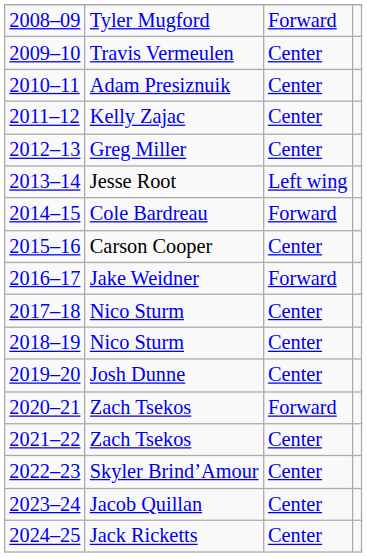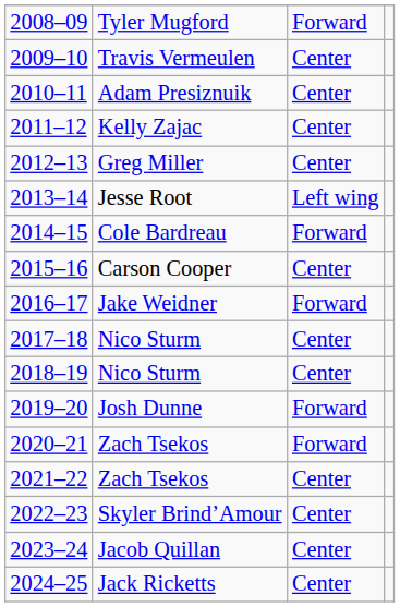 <table class="wikitable sortable">
 <tr>
 </tr>
 <tr>
 <td><a href='#'>2008–09</a></td>
 <td><a href='#'>Tyler Mugford</a></td>
 <td><a href='#'>Forward</a></td>
 <td><strong><a href='#'></a></strong></td>
 </tr>
 <tr>
 <td><a href='#'>2009–10</a></td>
 <td><a href='#'>Travis Vermeulen</a></td>
 <td><a href='#'>Center</a></td>
 <td><strong><a href='#'></a></strong></td>
 </tr>
 <tr>
 <td><a href='#'>2010–11</a></td>
 <td><a href='#'>Adam Presiznuik</a></td>
 <td><a href='#'>Center</a></td>
 <td><strong><a href='#'></a></strong></td>
 </tr>
 <tr>
 <td><a href='#'>2011–12</a></td>
 <td><a href='#'>Kelly Zajac</a></td>
 <td><a href='#'>Center</a></td>
 <td><strong><a href='#'></a></strong></td>
 </tr>
 <tr>
 <td><a href='#'>2012–13</a></td>
 <td><a href='#'>Greg Miller</a></td>
 <td><a href='#'>Center</a></td>
 <td><strong><a href='#'></a></strong></td>
 </tr>
 <tr>
 <td><a href='#'>2013–14</a></td>
 <td>Jesse Root</td>
 <td><a href='#'>Left wing</a></td>
 <td><strong><a href='#'></a></strong></td>
 </tr>
 <tr>
 <td><a href='#'>2014–15</a></td>
 <td><a href='#'>Cole Bardreau</a></td>
 <td><a href='#'>Forward</a></td>
 <td><strong><a href='#'></a></strong></td>
 </tr>
 <tr>
 <td><a href='#'>2015–16</a></td>
 <td>Carson Cooper</td>
 <td><a href='#'>Center</a></td>
 <td><strong><a href='#'></a></strong></td>
 </tr>
 <tr>
 <td><a href='#'>2016–17</a></td>
 <td><a href='#'>Jake Weidner</a></td>
 <td><a href='#'>Forward</a></td>
 <td><strong><a href='#'></a></strong></td>
 </tr>
 <tr>
 <td><a href='#'>2017–18</a></td>
 <td><a href='#'>Nico Sturm</a></td>
 <td><a href='#'>Center</a></td>
 <td><strong><a href='#'></a></strong></td>
 </tr>
 <tr>
 <td><a href='#'>2018–19</a></td>
 <td><a href='#'>Nico Sturm</a></td>
 <td><a href='#'>Center</a></td>
 <td><strong><a href='#'></a></strong></td>
 </tr>
 <tr>
 <td><a href='#'>2019–20</a></td>
 <td><a href='#'>Josh Dunne</a></td>
-<td><a href='#'>Center</a></td>
+<td><a href='#'>Forward</a></td>
 <td><strong><a href='#'></a></strong></td>
 </tr>
 <tr>
 <td><a href='#'>2020–21</a></td>
 <td><a href='#'>Zach Tsekos</a></td>
 <td><a href='#'>Forward</a></td>
 <td><strong><a href='#'></a></strong></td>
 </tr>
 <tr>
 <td><a href='#'>2021–22</a></td>
 <td><a href='#'>Zach Tsekos</a></td>
 <td><a href='#'>Center</a></td>
 <td><strong><a href='#'></a></strong></td>
 </tr>
 <tr>
 <td><a href='#'>2022–23</a></td>
 <td><a href='#'>Skyler Brind’Amour</a></td>
 <td><a href='#'>Center</a></td>
 <td><strong><a href='#'></a></strong></td>
 </tr>
 <tr>
 <td><a href='#'>2023–24</a></td>
 <td><a href='#'>Jacob Quillan</a></td>
 <td><a href='#'>Center</a></td>
 <td><strong><a href='#'></a></strong></td>
 </tr>
 <tr>
 <td><a href='#'>2024–25</a></td>
 <td><a href='#'>Jack Ricketts</a></td>
 <td><a href='#'>Center</a></td>
 <td><strong><a href='#'></a></strong></td>
 </tr>
 </table>
